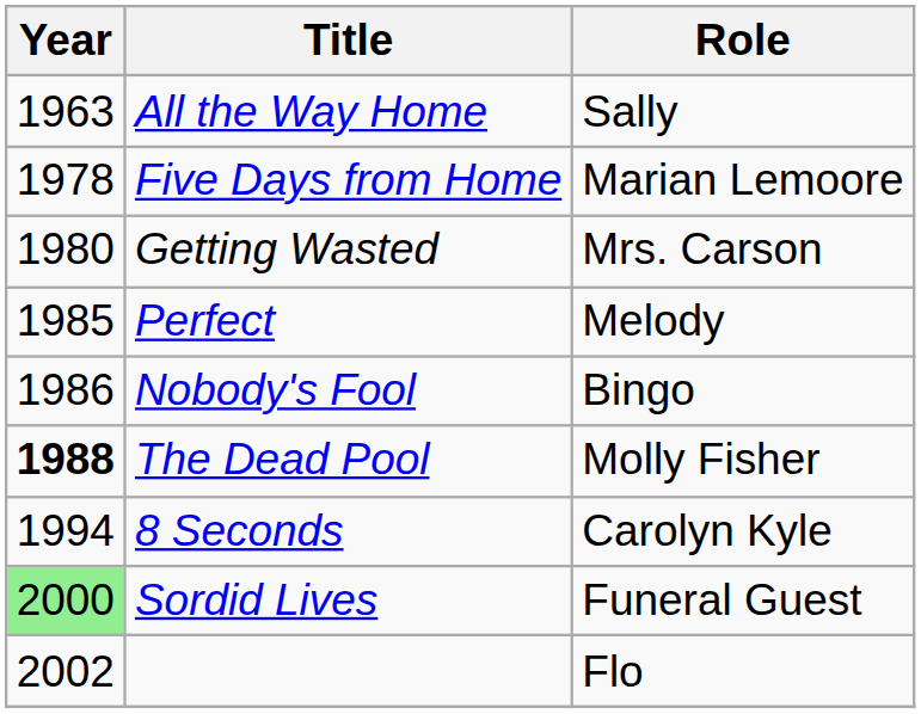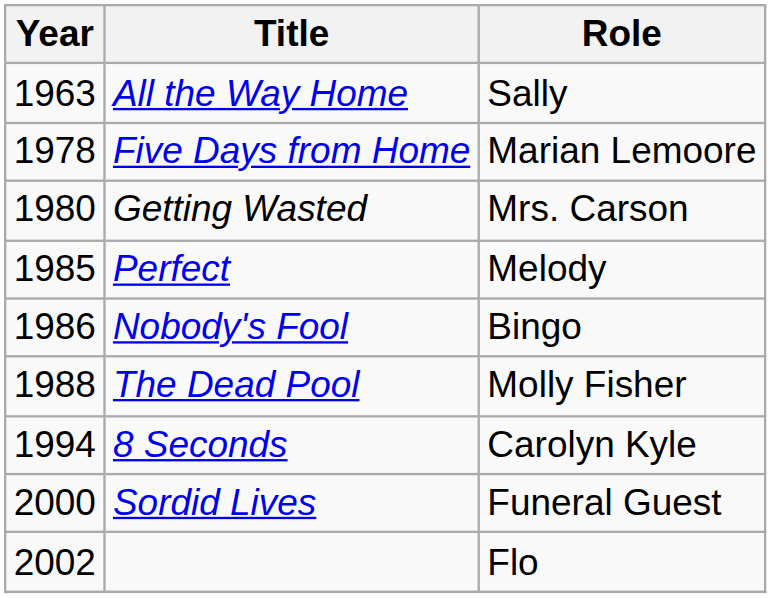 <table class="wikitable sortable">
 <tr>
 <th>Year</th>
 <th>Title</th>
 <th>Role</th>
 </tr>
 <tr>
 <td>1963</td>
 <td><em><a href='#'>All the Way Home</a></em></td>
 <td>Sally</td>
 </tr>
 <tr>
 <td>1978</td>
 <td><em><a href='#'>Five Days from Home</a></em></td>
 <td>Marian Lemoore</td>
 </tr>
 <tr>
 <td>1980</td>
 <td><em>Getting Wasted</em></td>
 <td>Mrs. Carson</td>
 </tr>
 <tr>
 <td>1985</td>
 <td><em><a href='#'>Perfect</a></em></td>
 <td>Melody</td>
 </tr>
 <tr>
 <td>1986</td>
 <td><em><a href='#'>Nobody's Fool</a></em></td>
 <td>Bingo</td>
 </tr>
 <tr>
-<td><strong>1988</strong></td>
+<td>1988</td>
 <td><em><a href='#'>The Dead Pool</a></em></td>
 <td>Molly Fisher</td>
 </tr>
 <tr>
 <td>1994</td>
 <td><em><a href='#'>8 Seconds</a></em></td>
 <td>Carolyn Kyle</td>
 </tr>
 <tr>
-<td style="background: lightgreen;">2000</td>
+<td>2000</td>
 <td><em><a href='#'>Sordid Lives</a></em></td>
 <td>Funeral Guest</td>
 </tr>
 <tr>
 <td>2002</td>
 <td><em></em></td>
 <td>Flo</td>
 </tr>
 <tr>
 </tr>
 </table>
